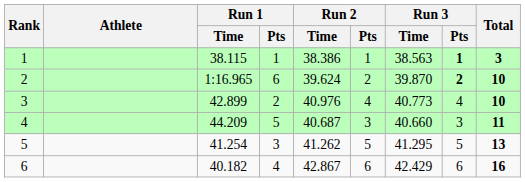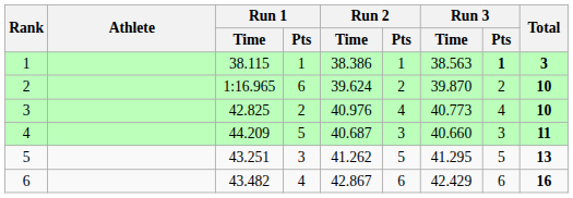 <table class=wikitable style="text-align:center">
 <tr>
 <th rowspan="2" width=40>Rank</th>
 <th rowspan="2" width=250>Athlete</th>
 <th colspan="2">Run 1</th>
 <th colspan="2">Run 2</th>
 <th colspan="2">Run 3</th>
 <th rowspan="2" width=50>Total</th>
 </tr>
 <tr>
 <th width=70>Time</th>
 <th width=40>Pts</th>
 <th width=70>Time</th>
 <th width=40>Pts</th>
 <th width=70>Time</th>
 <th width=40>Pts</th>
 </tr>
 <tr bgcolor=bbffbb>
 <td>1</td>
 <td align=left></td>
 <td>38.115</td>
 <td>1</td>
 <td>38.386</td>
 <td>1</td>
 <td>38.563</td>
 <td><strong>1</strong></td>
 <td><strong>3</strong></td>
 </tr>
 <tr bgcolor=bbffbb>
 <td>2</td>
 <td align=left></td>
 <td>1:16.965</td>
 <td>6</td>
 <td>39.624</td>
 <td>2</td>
 <td>39.870</td>
-<td><strong>2</strong></td>
+<td>2</td>
 <td><strong>10</strong></td>
 </tr>
 <tr bgcolor=bbffbb>
 <td>3</td>
 <td align=left></td>
-<td>42.899</td>
+<td>42.825</td>
 <td>2</td>
 <td>40.976</td>
 <td>4</td>
 <td>40.773</td>
 <td>4</td>
 <td><strong>10</strong></td>
 </tr>
 <tr bgcolor=bbffbb>
 <td>4</td>
 <td align=left></td>
 <td>44.209</td>
 <td>5</td>
 <td>40.687</td>
 <td>3</td>
 <td>40.660</td>
 <td>3</td>
 <td><strong>11</strong></td>
 </tr>
 <tr>
 <td>5</td>
 <td align=left></td>
-<td>41.254</td>
+<td>43.251</td>
 <td>3</td>
 <td>41.262</td>
 <td>5</td>
 <td>41.295</td>
 <td>5</td>
 <td><strong>13</strong></td>
 </tr>
 <tr>
 <td>6</td>
 <td align=left></td>
-<td>40.182</td>
+<td>43.482</td>
 <td>4</td>
 <td>42.867</td>
 <td>6</td>
 <td>42.429</td>
 <td>6</td>
 <td><strong>16</strong></td>
 </tr>
 </table>
